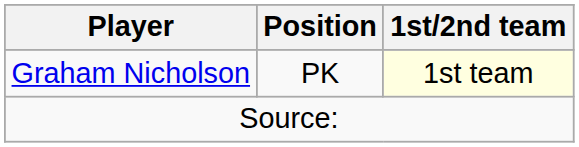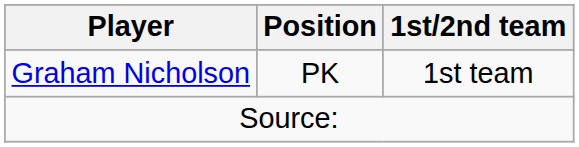 <table class="wikitable" style="text-align: center">
 <tr>
 <th>Player</th>
 <th>Position</th>
 <th>1st/2nd team</th>
 </tr>
 <tr>
 <td><a href='#'>Graham Nicholson</a></td>
 <td>PK</td>
-<td style="background: lightyellow;">1st team</td>
+<td>1st team</td>
 </tr>
 <tr>
 <td colspan="3">Source:</td>
 </tr>
 </table>
